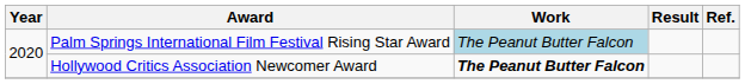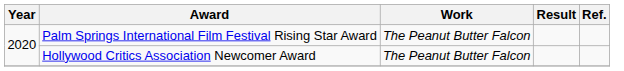 <table class="wikitable sortable">
 <tr>
 <th>Year</th>
 <th>Award</th>
 <th>Work</th>
 <th>Result</th>
 <th>Ref.</th>
 </tr>
 <tr>
 <td rowspan=2>2020</td>
 <td><a href='#'>Palm Springs International Film Festival</a> Rising Star Award</td>
-<td style="background: lightblue;"><em>The Peanut Butter Falcon</em></td>
+<td><em>The Peanut Butter Falcon</em></td>
 <td></td>
 <td></td>
 </tr>
 <tr>
 <td><a href='#'>Hollywood Critics Association</a> Newcomer Award</td>
-<td><strong><em>The Peanut Butter Falcon</em></strong></td>
+<td><em>The Peanut Butter Falcon</em></td>
 <td></td>
 <td></td>
 </tr>
 <tr>
 </tr>
 </table>
